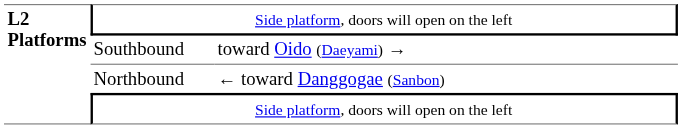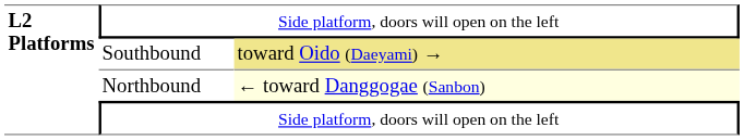 <table table border=0 cellspacing=0 cellpadding=3>
 <tr>
 <td style="border-top:solid 1px gray;border-bottom:solid 1px gray;" width=50 rowspan=10 valign=top><strong>L2<br>Platforms</strong></td>
 <td style="border-top:solid 1px gray;border-right:solid 2px black;border-left:solid 2px black;border-bottom:solid 2px black;text-align:center;" colspan=2><small><a href='#'>Side platform</a>, doors will open on the left</small></td>
 </tr>
 <tr>
 <td>Southbound</td>
-<td>  toward <a href='#'>Oido</a> <small>(<a href='#'>Daeyami</a>)</small> →</td>
+<td style="background: khaki;">  toward <a href='#'>Oido</a> <small>(<a href='#'>Daeyami</a>)</small> →</td>
 </tr>
 <tr>
 <td style="border-bottom:solid 0px gray;border-top:solid 1px gray;" width=100>Northbound</td>
-<td style="border-bottom:solid 0px gray;border-top:solid 1px gray;" width=390>←  toward <a href='#'>Danggogae</a> <small>(<a href='#'>Sanbon</a>)</small></td>
+<td style="background: lightyellow; border-bottom:solid 0px gray;border-top:solid 1px gray;" width=390>←  toward <a href='#'>Danggogae</a> <small>(<a href='#'>Sanbon</a>)</small></td>
 </tr>
 <tr>
 <td style="border-top:solid 2px black;border-right:solid 2px black;border-left:solid 2px black;border-bottom:solid 1px gray;text-align:center;" colspan=2><small><a href='#'>Side platform</a>, doors will open on the left</small></td>
 </tr>
 </table>
